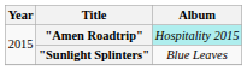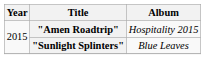 <table class="wikitable plainrowheaders" style="text-align:center;">
 <tr>
 <th scope="col">Year</th>
 <th scope="col">Title</th>
 <th scope="col">Album</th>
 </tr>
 <tr>
 <td rowspan="2">2015</td>
 <th scope="row">"Amen Roadtrip"</th>
-<td style="background: paleturquoise;"><em>Hospitality 2015</em></td>
+<td><em>Hospitality 2015</em></td>
 </tr>
 <tr>
 <th scope="row">"Sunlight Splinters"</th>
 <td><em>Blue Leaves</em></td>
 </tr>
 <tr>
 </tr>
 </table>
